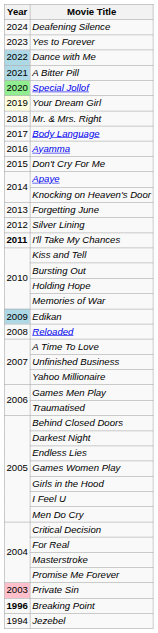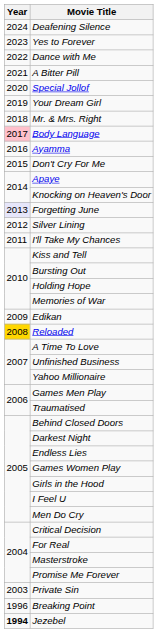 <table class="wikitable sortable">
 <tr>
 <th>Year</th>
 <th>Movie Title</th>
 </tr>
 <tr>
 <td>2024</td>
 <td><em>Deafening Silence</em></td>
 </tr>
 <tr>
 <td>2023</td>
 <td><em>Yes to Forever</em></td>
 </tr>
 <tr>
-<td style="background: lightblue;">2022</td>
+<td>2022</td>
 <td><em>Dance with Me</em></td>
 </tr>
 <tr>
-<td style="background: lightblue;">2021</td>
+<td>2021</td>
 <td><em>A Bitter Pill</em></td>
 </tr>
 <tr>
-<td style="background: lightgreen;">2020</td>
+<td>2020</td>
 <td><em><a href='#'>Special Jollof</a></em></td>
 </tr>
 <tr>
-<td style="background: lightyellow;">2019</td>
+<td>2019</td>
 <td><em>Your Dream Girl</em></td>
 </tr>
 <tr>
 <td>2018</td>
 <td><em>Mr. & Mrs. Right</em></td>
 </tr>
 <tr>
-<td>2017</td>
+<td style="background: pink;">2017</td>
 <td><em><a href='#'>Body Language</a></em></td>
 </tr>
 <tr>
 <td>2016</td>
 <td><em><a href='#'>Ayamma</a></em></td>
 </tr>
 <tr>
 <td>2015</td>
 <td><em>Don't Cry For Me</em></td>
 </tr>
 <tr>
 <td rowspan="2">2014</td>
 <td><em><a href='#'>Apaye</a></em></td>
 </tr>
 <tr>
 <td><em>Knocking on Heaven's Door</em></td>
 </tr>
 <tr>
-<td>2013</td>
+<td style="background: lavender;">2013</td>
 <td><em>Forgetting June</em></td>
 </tr>
 <tr>
 <td>2012</td>
 <td><em>Silver Lining</em></td>
 </tr>
 <tr>
-<td><strong>2011</strong></td>
+<td>2011</td>
 <td><em>I'll Take My Chances</em></td>
 </tr>
 <tr>
 <td rowspan="4">2010</td>
 <td><em>Kiss and Tell</em></td>
 </tr>
 <tr>
 <td><em>Bursting Out</em></td>
 </tr>
 <tr>
 <td><em>Holding Hope</em></td>
 </tr>
 <tr>
 <td><em>Memories of War</em></td>
 </tr>
 <tr>
-<td style="background: lightblue;">2009</td>
+<td>2009</td>
 <td><em>Edikan</em></td>
 </tr>
 <tr>
-<td>2008</td>
+<td style="background: gold;">2008</td>
 <td><a href='#'><em>Reloaded</em></a></td>
 </tr>
 <tr>
 <td rowspan="3">2007</td>
 <td><em>A Time To Love</em></td>
 </tr>
 <tr>
 <td><em>Unfinished Business</em></td>
 </tr>
 <tr>
 <td><em>Yahoo Millionaire</em></td>
 </tr>
 <tr>
 <td rowspan="2">2006</td>
 <td><em>Games Men Play</em></td>
 </tr>
 <tr>
 <td><em>Traumatised</em></td>
 </tr>
 <tr>
 <td rowspan="7">2005</td>
 <td><em>Behind Closed Doors</em></td>
 </tr>
 <tr>
 <td><em>Darkest Night</em></td>
 </tr>
 <tr>
 <td><em>Endless Lies</em></td>
 </tr>
 <tr>
 <td><em>Games Women Play</em></td>
 </tr>
 <tr>
 <td><em>Girls in the Hood</em></td>
 </tr>
 <tr>
 <td><em>I Feel U</em></td>
 </tr>
 <tr>
 <td><em>Men Do Cry</em></td>
 </tr>
 <tr>
 <td rowspan="4">2004</td>
 <td><em>Critical Decision</em></td>
 </tr>
 <tr>
 <td><em>For Real</em></td>
 </tr>
 <tr>
 <td><em>Masterstroke</em></td>
 </tr>
 <tr>
 <td><em>Promise Me Forever</em></td>
 </tr>
 <tr>
-<td style="background: pink;">2003</td>
+<td>2003</td>
 <td><em>Private Sin</em></td>
 </tr>
 <tr>
-<td><strong>1996</strong></td>
+<td>1996</td>
 <td><em>Breaking Point</em></td>
 </tr>
 <tr>
-<td>1994</td>
+<td><strong>1994</strong></td>
 <td><em>Jezebel</em></td>
 </tr>
 </table>
